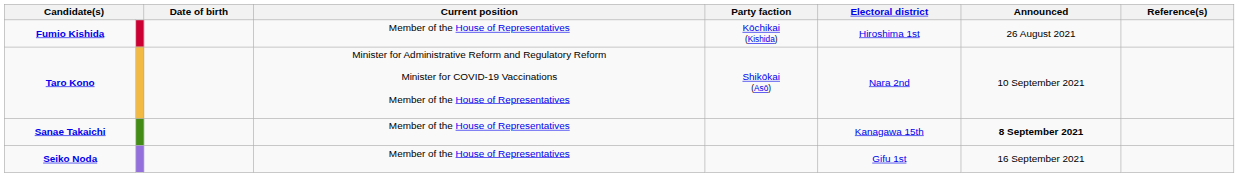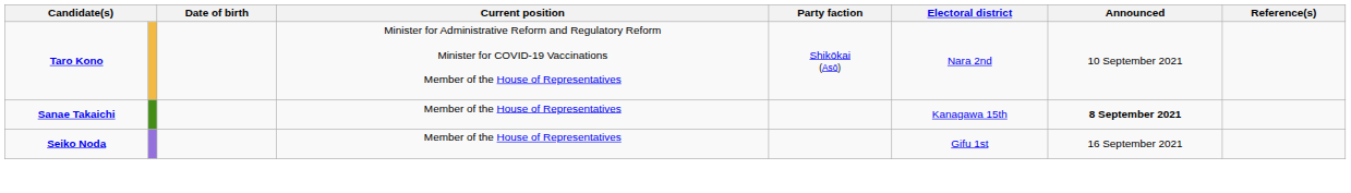 <table class="wikitable sortable" style="text-align:center;width:100%">
 <tr>
 <th colspan="2" style="width:110px;">Candidate(s)</th>
 <th>Date of birth</th>
 <th class="unsortable">Current position</th>
 <th>Party faction</th>
 <th><a href='#'>Electoral district</a></th>
 <th>Announced</th>
 <th class="unsortable">Reference(s)</th>
-</tr>
-<tr>
-<td> <strong><a href='#'>Fumio Kishida</a></strong></td>
-<td style="background:#CC0033"></td>
-<td><br></td>
-<td>Member of the <a href='#'>House of Representatives</a><br><br></td>
-<td><a href='#'>Kōchikai</a><br><small>(<a href='#'>Kishida</a>)</small></td>
-<td> <a href='#'>Hiroshima 1st</a></td>
-<td>26 August 2021</td>
-<td></td>
 </tr>
 <tr>
 <td> <strong><a href='#'>Taro Kono</a></strong></td>
 <td style="background:#F2BA42"></td>
 <td><br></td>
 <td>Minister for Administrative Reform and Regulatory Reform<br><br>Minister for COVID-19 Vaccinations<br><br>Member of the <a href='#'>House of Representatives</a><br><br></td>
 <td><a href='#'>Shikōkai</a><br><small> (<a href='#'>Asō</a>) </small></td>
 <td> <a href='#'>Nara 2nd</a></td>
 <td>10 September 2021</td>
 <td></td>
 </tr>
 <tr>
 <td> <strong><a href='#'>Sanae Takaichi</a></strong></td>
 <td style="background:#438C15"></td>
 <td><br></td>
 <td>Member of the <a href='#'>House of Representatives</a><br><br></td>
 <td></td>
 <td> <a href='#'>Kanagawa 15th</a></td>
 <td><strong>8 September 2021</strong></td>
 <td></td>
 </tr>
 <tr>
 <td> <strong><a href='#'>Seiko Noda</a></strong></td>
 <td style="background:#9370DB"></td>
 <td><br></td>
 <td>Member of the <a href='#'>House of Representatives</a><br> <br></td>
 <td></td>
 <td> <a href='#'>Gifu 1st</a></td>
 <td>16 September 2021</td>
 <td></td>
 </tr>
 </table>
